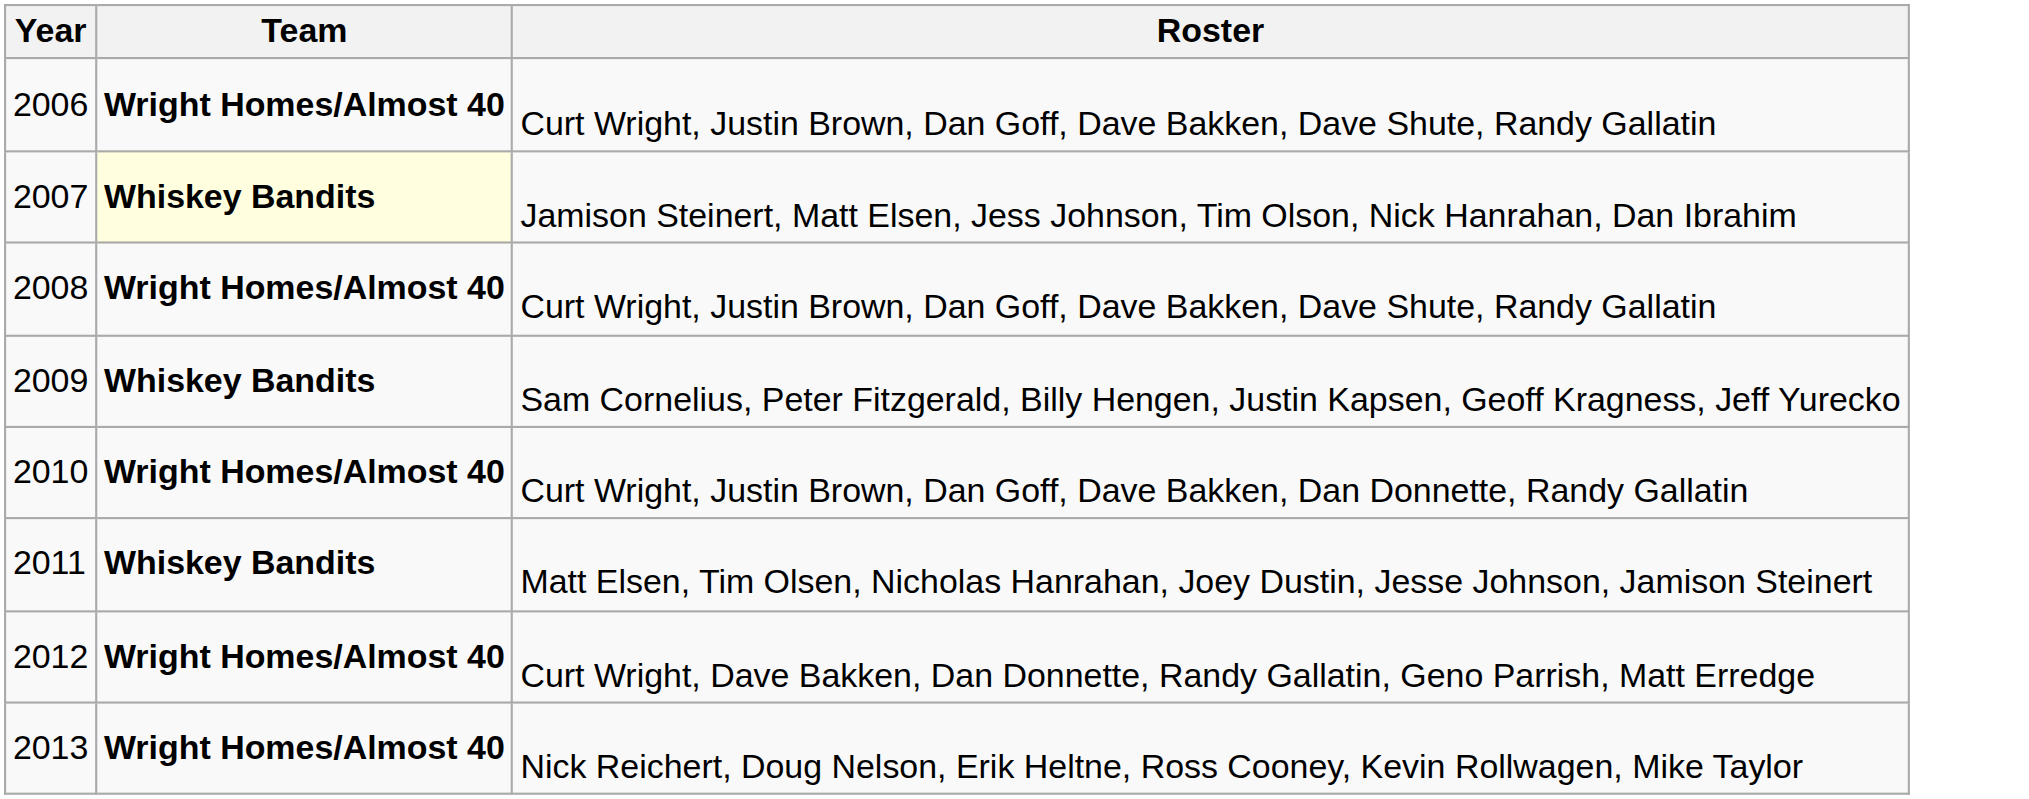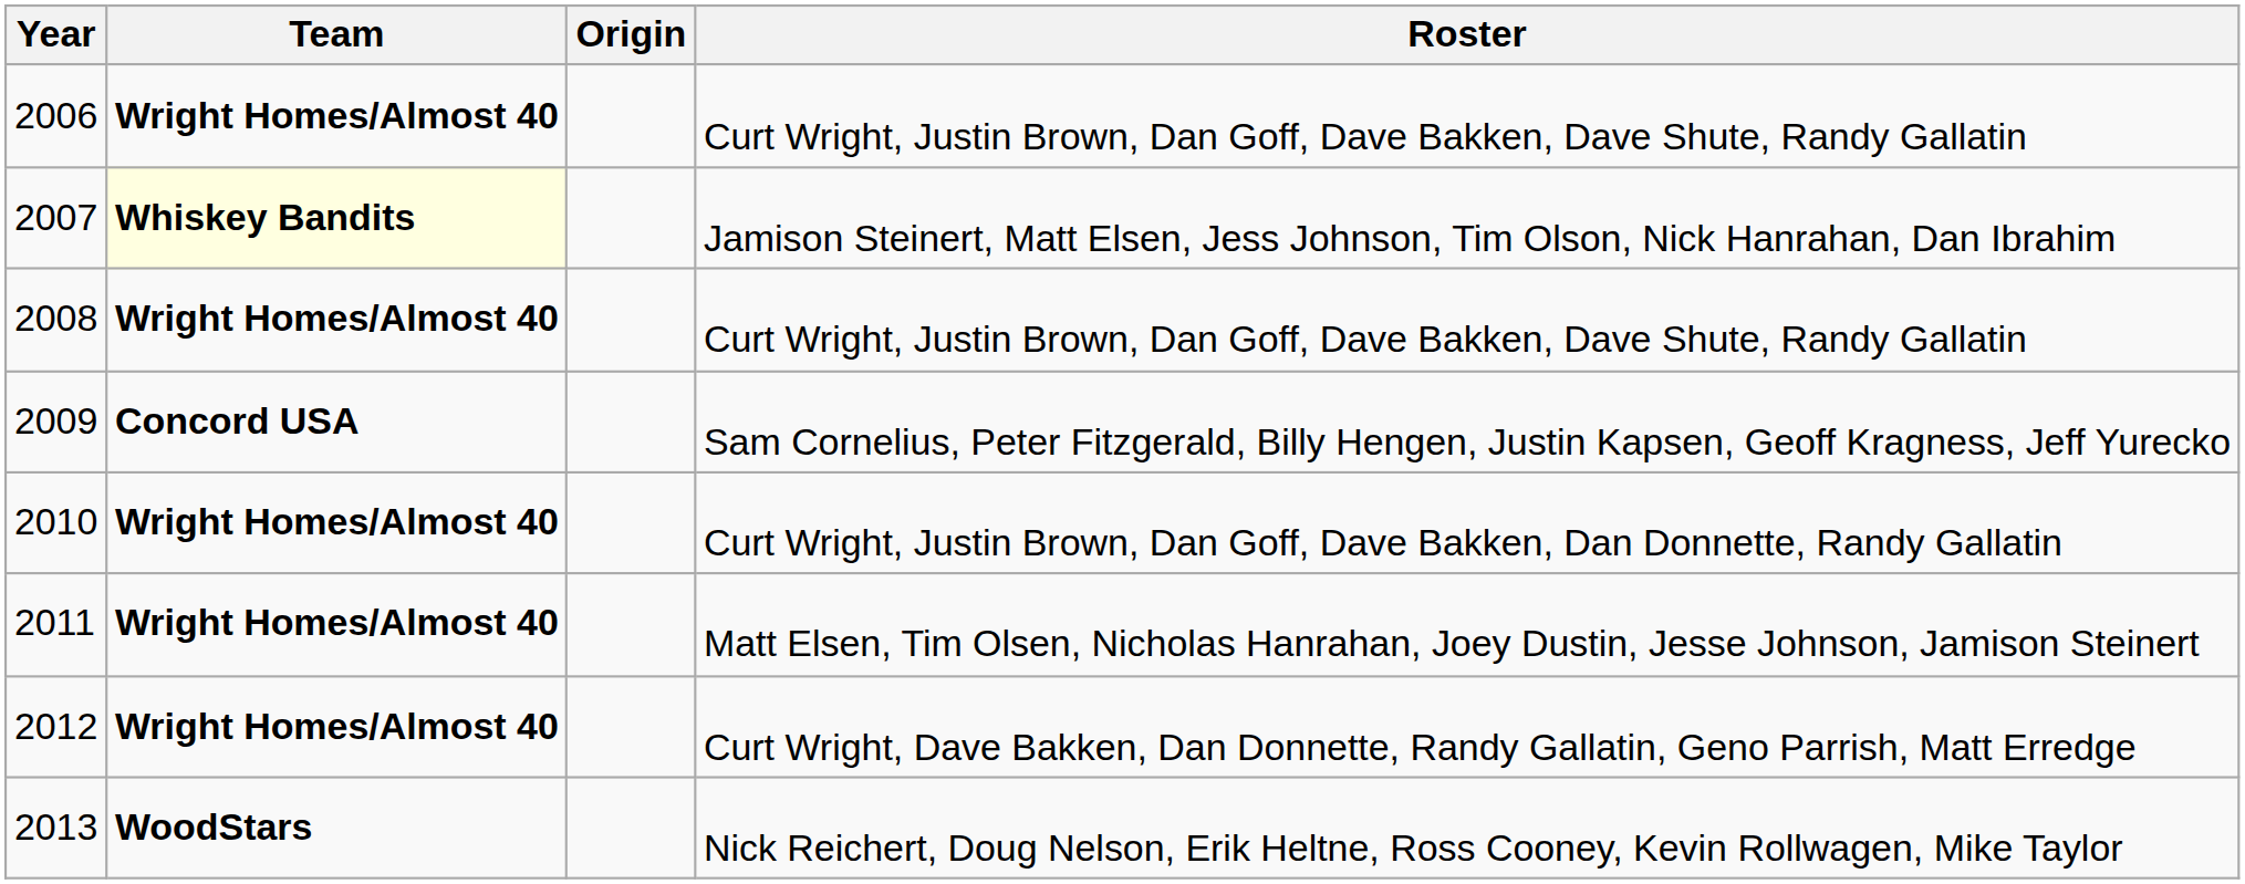 <table class=wikitable>
 <tr>
 <th>Year</th>
 <th>Team</th>
+<th>Origin</th>
 <th>Roster</th>
 </tr>
 <tr>
 <td>2006</td>
 <td><strong>Wright Homes/Almost 40</strong></td>
+<td></td>
 <td><br>Curt Wright, Justin Brown, Dan Goff, Dave Bakken, Dave Shute, Randy Gallatin</td>
 </tr>
 <tr>
 <td>2007</td>
 <td style="background: lightyellow;"><strong>Whiskey Bandits</strong></td>
+<td></td>
 <td><br>Jamison Steinert, Matt Elsen, Jess Johnson, Tim Olson, Nick Hanrahan, Dan Ibrahim</td>
 </tr>
 <tr>
 <td>2008</td>
 <td><strong>Wright Homes/Almost 40</strong></td>
+<td></td>
 <td><br>Curt Wright, Justin Brown, Dan Goff, Dave Bakken, Dave Shute, Randy Gallatin</td>
 </tr>
 <tr>
 <td>2009</td>
-<td><strong>Whiskey Bandits</strong></td>
+<td><strong>Concord USA</strong></td>
+<td></td>
 <td><br>Sam Cornelius, Peter Fitzgerald, Billy Hengen, Justin Kapsen, Geoff Kragness, Jeff Yurecko</td>
 </tr>
 <tr>
 <td>2010</td>
 <td><strong>Wright Homes/Almost 40</strong></td>
+<td></td>
 <td><br>Curt Wright, Justin Brown, Dan Goff, Dave Bakken, Dan Donnette, Randy Gallatin</td>
 </tr>
 <tr>
 <td>2011</td>
-<td><strong>Whiskey Bandits</strong></td>
+<td><strong>Wright Homes/Almost 40</strong></td>
+<td></td>
 <td><br>Matt Elsen, Tim Olsen, Nicholas Hanrahan, Joey Dustin, Jesse Johnson, Jamison Steinert</td>
 </tr>
 <tr>
 <td>2012</td>
 <td><strong>Wright Homes/Almost 40</strong></td>
+<td></td>
 <td><br>Curt Wright, Dave Bakken, Dan Donnette, Randy Gallatin, Geno Parrish, Matt Erredge</td>
 </tr>
 <tr>
 <td>2013</td>
-<td><strong>Wright Homes/Almost 40</strong></td>
+<td><strong>WoodStars</strong></td>
+<td></td>
 <td><br>Nick Reichert, Doug Nelson, Erik Heltne, Ross Cooney, Kevin Rollwagen, Mike Taylor</td>
 </tr>
 </table>
